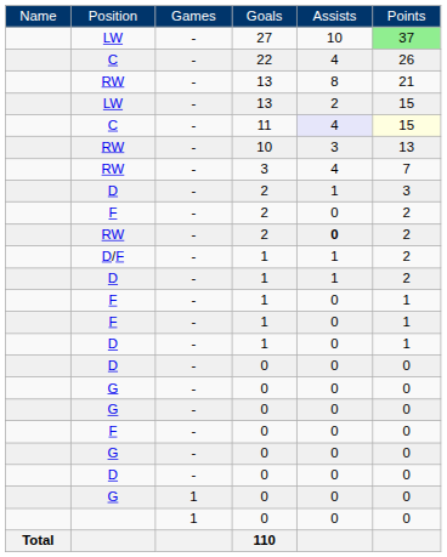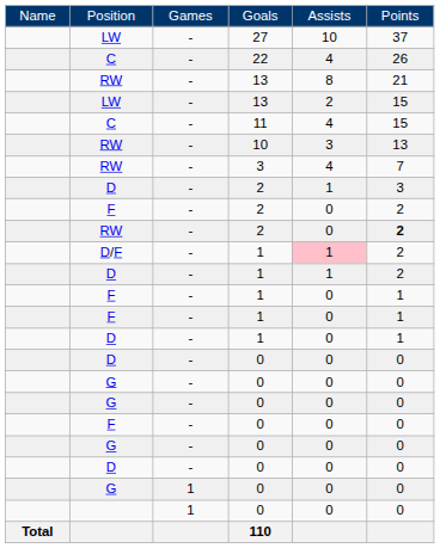 <table class="wikitable sortable" width ="40%">
 <tr align="center">
 <td style="color:white; background:#00356B">Name</td>
 <td style="color:white; background:#00356B">Position</td>
 <td style="color:white; background:#00356B">Games</td>
 <td style="color:white; background:#00356B">Goals</td>
 <td style="color:white; background:#00356B">Assists</td>
 <td style="color:white; background:#00356B">Points</td>
 </tr>
 <tr align="center">
 <td></td>
 <td><a href='#'>LW</a></td>
 <td>-</td>
 <td>27</td>
 <td>10</td>
-<td style="background: lightgreen;">37</td>
+<td>37</td>
 </tr>
 <tr align="center" bgcolor="f0f0f0">
 <td></td>
 <td><a href='#'>C</a></td>
 <td>-</td>
 <td>22</td>
 <td>4</td>
 <td>26</td>
 </tr>
 <tr align="center">
 <td></td>
 <td><a href='#'>RW</a></td>
 <td>-</td>
 <td>13</td>
 <td>8</td>
 <td>21</td>
 </tr>
 <tr align="center" bgcolor="f0f0f0">
 <td></td>
 <td><a href='#'>LW</a></td>
 <td>-</td>
 <td>13</td>
 <td>2</td>
 <td>15</td>
 </tr>
 <tr align="center">
 <td></td>
 <td><a href='#'>C</a></td>
 <td>-</td>
 <td>11</td>
-<td style="background: lavender;">4</td>
-<td style="background: lightyellow;">15</td>
+<td>4</td>
+<td>15</td>
 </tr>
 <tr align="center" bgcolor="f0f0f0">
 <td></td>
 <td><a href='#'>RW</a></td>
 <td>-</td>
 <td>10</td>
 <td>3</td>
 <td>13</td>
 </tr>
 <tr align="center">
 <td></td>
 <td><a href='#'>RW</a></td>
 <td>-</td>
 <td>3</td>
 <td>4</td>
 <td>7</td>
 </tr>
 <tr align="center"bgcolor="f0f0f0">
 <td></td>
 <td><a href='#'>D</a></td>
 <td>-</td>
 <td>2</td>
 <td>1</td>
 <td>3</td>
 </tr>
 <tr align="center">
 <td></td>
 <td><a href='#'>F</a></td>
 <td>-</td>
 <td>2</td>
 <td>0</td>
 <td>2</td>
 </tr>
 <tr align="center" bgcolor="f0f0f0">
 <td></td>
 <td><a href='#'>RW</a></td>
 <td>-</td>
 <td>2</td>
-<td><strong>0</strong></td>
-<td>2</td>
+<td>0</td>
+<td><strong>2</strong></td>
 </tr>
 <tr align="center">
 <td></td>
 <td><a href='#'>D</a>/<a href='#'>F</a></td>
 <td>-</td>
 <td>1</td>
-<td>1</td>
+<td style="background: pink;">1</td>
 <td>2</td>
 </tr>
 <tr align="center" bgcolor="f0f0f0">
 <td></td>
 <td><a href='#'>D</a></td>
 <td>-</td>
 <td>1</td>
 <td>1</td>
 <td>2</td>
 </tr>
 <tr align="center">
 <td></td>
 <td><a href='#'>F</a></td>
 <td>-</td>
 <td>1</td>
 <td>0</td>
 <td>1</td>
 </tr>
 <tr align="center" bgcolor="f0f0f0">
 <td></td>
 <td><a href='#'>F</a></td>
 <td>-</td>
 <td>1</td>
 <td>0</td>
 <td>1</td>
 </tr>
 <tr align="center">
 <td></td>
 <td><a href='#'>D</a></td>
 <td>-</td>
 <td>1</td>
 <td>0</td>
 <td>1</td>
 </tr>
 <tr align="center" bgcolor="f0f0f0">
 <td></td>
 <td><a href='#'>D</a></td>
 <td>-</td>
 <td>0</td>
 <td>0</td>
 <td>0</td>
 </tr>
 <tr align="center">
 <td></td>
 <td><a href='#'>G</a></td>
 <td>-</td>
 <td>0</td>
 <td>0</td>
 <td>0</td>
 </tr>
 <tr align="center" bgcolor="f0f0f0">
 <td></td>
 <td><a href='#'>G</a></td>
 <td>-</td>
 <td>0</td>
 <td>0</td>
 <td>0</td>
 </tr>
 <tr align="center">
 <td></td>
 <td><a href='#'>F</a></td>
 <td>-</td>
 <td>0</td>
 <td>0</td>
 <td>0</td>
 </tr>
 <tr align="center" bgcolor="f0f0f0">
 <td></td>
 <td><a href='#'>G</a></td>
 <td>-</td>
 <td>0</td>
 <td>0</td>
 <td>0</td>
 </tr>
 <tr align="center">
 <td></td>
 <td><a href='#'>D</a></td>
 <td>-</td>
 <td>0</td>
 <td>0</td>
 <td>0</td>
 </tr>
 <tr align="center" bgcolor="f0f0f0">
 <td></td>
 <td><a href='#'>G</a></td>
 <td>1</td>
 <td>0</td>
 <td>0</td>
 <td>0</td>
 </tr>
 <tr align="center">
 <td></td>
 <td></td>
 <td>1</td>
 <td>0</td>
 <td>0</td>
 <td>0</td>
 </tr>
 <tr>
 <th>Total</th>
 <th></th>
 <th></th>
 <th>110</th>
 <th></th>
 <th></th>
 </tr>
 </table>
